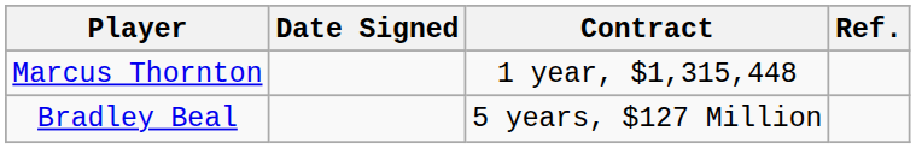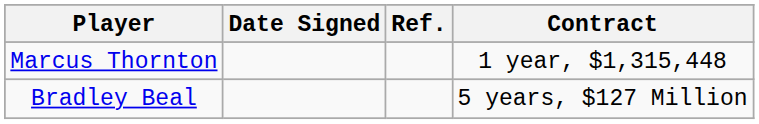 <table class="wikitable sortable sortable">
 <tr>
 <th>Player</th>
 <th>Date Signed</th>
+<th>Ref.</th>
 <th>Contract</th>
-<th>Ref.</th>
 </tr>
 <tr style="text-align: center">
 <td><a href='#'>Marcus Thornton</a></td>
 <td></td>
+<td></td>
 <td>1 year, $1,315,448</td>
-<td></td>
 </tr>
 <tr style="text-align: center">
 <td><a href='#'>Bradley Beal</a></td>
 <td></td>
+<td></td>
 <td>5 years, $127 Million</td>
-<td></td>
 </tr>
 </table>
